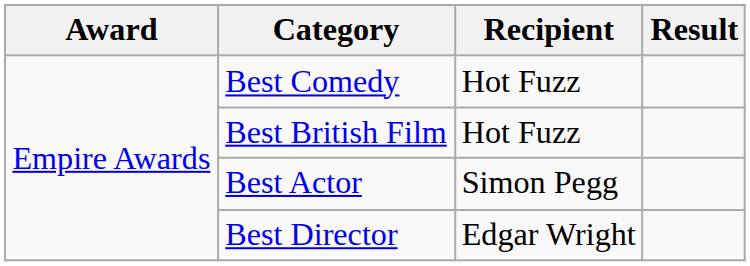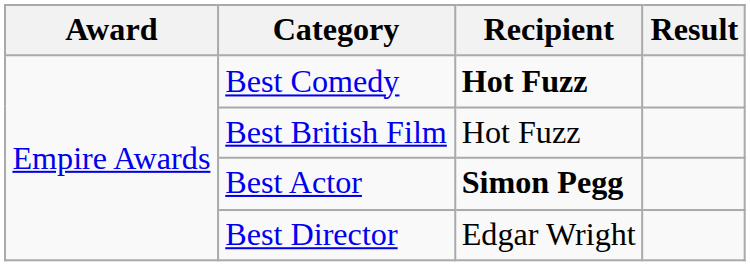 <table class="wikitable plainrowheaders sortable">
 <tr>
 <th scope="col">Award</th>
 <th scope="col">Category</th>
 <th scope="col">Recipient</th>
 <th scope="col">Result</th>
 </tr>
 <tr>
 <td rowspan="4"><a href='#'>Empire Awards</a></td>
 <td><a href='#'>Best Comedy</a></td>
-<td>Hot Fuzz</td>
+<td><strong>Hot Fuzz</strong></td>
 <td></td>
 </tr>
 <tr>
 <td><a href='#'>Best British Film</a></td>
 <td>Hot Fuzz</td>
 <td></td>
 </tr>
 <tr>
 <td><a href='#'>Best Actor</a></td>
-<td>Simon Pegg</td>
+<td><strong>Simon Pegg</strong></td>
 <td></td>
 </tr>
 <tr>
 <td><a href='#'>Best Director</a></td>
 <td>Edgar Wright</td>
 <td></td>
 </tr>
 </table>
